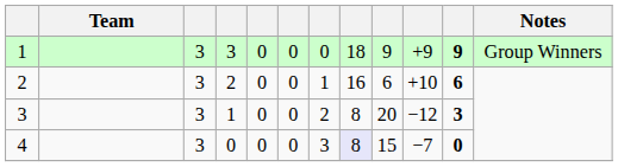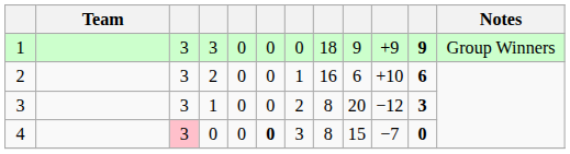 <table class="wikitable" style="text-align: center; font-size: 97%;">
 <tr>
 <th width="20"></th>
 <th width="110">Team</th>
 <th width="18"></th>
 <th width="18"></th>
 <th width="18"></th>
 <th width="18"></th>
 <th width="18"></th>
 <th width="18"></th>
 <th width="18"></th>
 <th width="25"></th>
 <th width="18"></th>
 <th width="105">Notes</th>
 </tr>
 <tr style="background-color: #ccffcc;">
 <td>1</td>
 <td align=left></td>
 <td>3</td>
 <td>3</td>
 <td>0</td>
 <td>0</td>
 <td>0</td>
 <td>18</td>
 <td>9</td>
 <td>+9</td>
 <td><strong>9</strong></td>
 <td>Group Winners</td>
 </tr>
 <tr>
 <td>2</td>
 <td align=left></td>
 <td>3</td>
 <td>2</td>
 <td>0</td>
 <td>0</td>
 <td>1</td>
 <td>16</td>
 <td>6</td>
 <td>+10</td>
 <td><strong>6</strong></td>
 <td rowspan="3"></td>
 </tr>
 <tr>
 <td>3</td>
 <td align=left></td>
 <td>3</td>
 <td>1</td>
 <td>0</td>
 <td>0</td>
 <td>2</td>
 <td>8</td>
 <td>20</td>
 <td>−12</td>
 <td><strong>3</strong></td>
 </tr>
 <tr>
 <td>4</td>
 <td align=left></td>
-<td>3</td>
+<td style="background: pink;">3</td>
 <td>0</td>
 <td>0</td>
-<td>0</td>
+<td><strong>0</strong></td>
 <td>3</td>
-<td style="background: lavender;">8</td>
+<td>8</td>
 <td>15</td>
 <td>−7</td>
 <td><strong>0</strong></td>
 </tr>
 <tr>
 </tr>
 </table>
